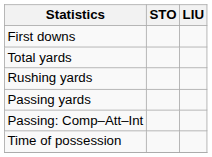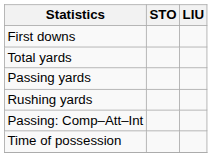 <table class="wikitable" style="float: left;">
 <tr>
 <th>Statistics</th>
 <th>STO</th>
 <th>LIU</th>
 </tr>
 <tr>
 <td>First downs</td>
 <td></td>
 <td></td>
 </tr>
 <tr>
 <td>Total yards</td>
 <td></td>
 <td></td>
 </tr>
 <tr>
-<td>Rushing yards</td>
+<td>Passing yards</td>
 <td></td>
 <td></td>
 </tr>
 <tr>
-<td>Passing yards</td>
+<td>Rushing yards</td>
 <td></td>
 <td></td>
 </tr>
 <tr>
 <td>Passing: Comp–Att–Int</td>
 <td></td>
 <td></td>
 </tr>
 <tr>
 <td>Time of possession</td>
 <td></td>
 <td></td>
 </tr>
 <tr>
 </tr>
 </table>
